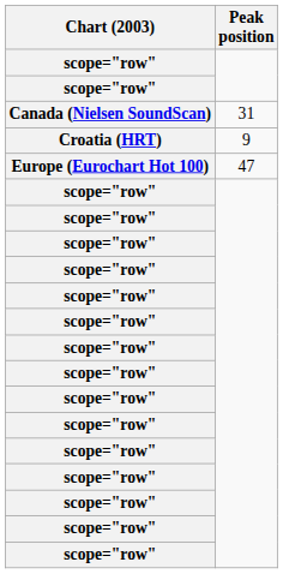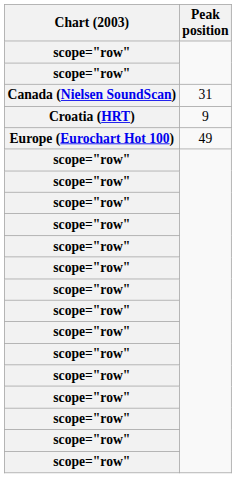 <table class="wikitable sortable plainrowheaders" style="text-align:center">
 <tr>
 <th scope="col">Chart (2003)</th>
 <th scope="col">Peak<br>position</th>
 </tr>
 <tr>
 <th>scope="row"</th>
 </tr>
 <tr>
 <th>scope="row"</th>
 </tr>
 <tr>
 <th scope="row">Canada (<a href='#'>Nielsen SoundScan</a>)</th>
 <td style="text-align:center">31</td>
 </tr>
 <tr>
 <th scope=row>Croatia (<a href='#'>HRT</a>)</th>
 <td>9</td>
 </tr>
 <tr>
 <th scope="row">Europe (<a href='#'>Eurochart Hot 100</a>)</th>
-<td>47</td>
+<td>49</td>
 </tr>
 <tr>
 <th>scope="row"</th>
 </tr>
 <tr>
 <th>scope="row"</th>
 </tr>
 <tr>
 <th>scope="row"</th>
 </tr>
 <tr>
 <th>scope="row"</th>
 </tr>
 <tr>
 <th>scope="row"</th>
 </tr>
 <tr>
 <th>scope="row"</th>
 </tr>
 <tr>
 <th>scope="row"</th>
 </tr>
 <tr>
 <th>scope="row"</th>
 </tr>
 <tr>
 <th>scope="row"</th>
 </tr>
 <tr>
 <th>scope="row"</th>
 </tr>
 <tr>
 <th>scope="row"</th>
 </tr>
 <tr>
 <th>scope="row"</th>
 </tr>
 <tr>
 <th>scope="row"</th>
 </tr>
 <tr>
 <th>scope="row"</th>
 </tr>
 <tr>
 <th>scope="row"</th>
 </tr>
 </table>
